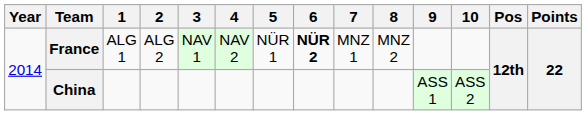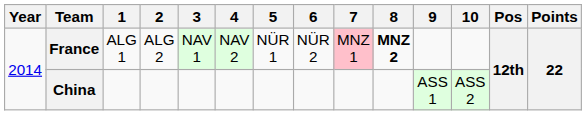 <table class="wikitable" style="text-align:center; font-size:85%">
 <tr>
 <th>Year</th>
 <th>Team</th>
 <th>1</th>
 <th>2</th>
 <th>3</th>
 <th>4</th>
 <th>5</th>
 <th>6</th>
 <th>7</th>
 <th>8</th>
 <th>9</th>
 <th>10</th>
 <th>Pos</th>
 <th>Points</th>
 </tr>
 <tr>
 <td rowspan=2><a href='#'>2014</a></td>
 <th>France</th>
 <td>ALG<br>1</td>
 <td>ALG<br>2</td>
 <td style="background:#DFFFDF;">NAV<br>1<br></td>
 <td style="background:#DFFFDF;">NAV<br>2<br></td>
 <td>NÜR<br>1</td>
-<td><strong>NÜR<br>2</strong></td>
-<td>MNZ<br>1</td>
-<td>MNZ<br>2</td>
+<td>NÜR<br>2</td>
+<td style="background: pink;">MNZ<br>1</td>
+<td><strong>MNZ<br>2</strong></td>
 <td></td>
 <td></td>
 <th rowspan=2>12th</th>
 <th rowspan=2>22</th>
 </tr>
 <tr>
 <th>China</th>
 <td></td>
 <td></td>
 <td></td>
 <td></td>
 <td></td>
 <td></td>
 <td></td>
 <td></td>
 <td style="background:#DFFFDF;">ASS<br>1<br></td>
 <td style="background:#DFFFDF;">ASS<br>2<br></td>
 </tr>
 </table>
